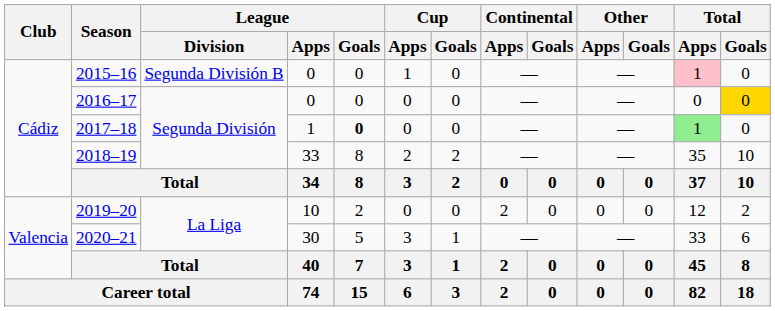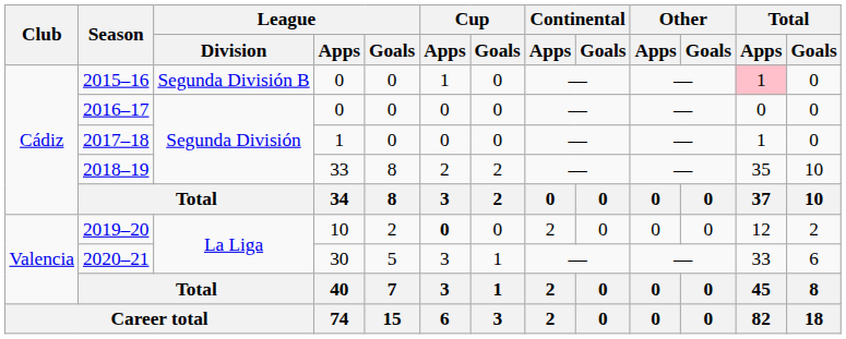 <table class="wikitable" style="text-align:center">
 <tr>
 <th rowspan="2">Club</th>
 <th rowspan="2">Season</th>
 <th colspan="3">League</th>
 <th colspan="2">Cup</th>
 <th colspan="2">Continental</th>
 <th colspan="2">Other</th>
 <th colspan="2">Total</th>
 </tr>
 <tr>
 <th>Division</th>
 <th>Apps</th>
 <th>Goals</th>
 <th>Apps</th>
 <th>Goals</th>
 <th>Apps</th>
 <th>Goals</th>
 <th>Apps</th>
 <th>Goals</th>
 <th>Apps</th>
 <th>Goals</th>
 </tr>
 <tr>
 <td rowspan="5"><a href='#'>Cádiz</a></td>
 <td><a href='#'>2015–16</a></td>
 <td><a href='#'>Segunda División B</a></td>
 <td>0</td>
 <td>0</td>
 <td>1</td>
 <td>0</td>
 <td colspan="2">—</td>
 <td colspan="2">—</td>
 <td style="background: pink;">1</td>
 <td>0</td>
 </tr>
 <tr>
 <td><a href='#'>2016–17</a></td>
 <td rowspan="3"><a href='#'>Segunda División</a></td>
 <td>0</td>
 <td>0</td>
 <td>0</td>
 <td>0</td>
 <td colspan="2">—</td>
 <td colspan="2">—</td>
 <td>0</td>
-<td style="background: gold;">0</td>
+<td>0</td>
 </tr>
 <tr>
 <td><a href='#'>2017–18</a></td>
 <td>1</td>
-<td><strong>0</strong></td>
+<td>0</td>
 <td>0</td>
 <td>0</td>
 <td colspan="2">—</td>
 <td colspan="2">—</td>
-<td style="background: lightgreen;">1</td>
+<td>1</td>
 <td>0</td>
 </tr>
 <tr>
 <td><a href='#'>2018–19</a></td>
 <td>33</td>
 <td>8</td>
 <td>2</td>
 <td>2</td>
 <td colspan="2">—</td>
 <td colspan="2">—</td>
 <td>35</td>
 <td>10</td>
 </tr>
 <tr>
 <th colspan="2">Total</th>
 <th>34</th>
 <th>8</th>
 <th>3</th>
 <th>2</th>
 <th>0</th>
 <th>0</th>
 <th>0</th>
 <th>0</th>
 <th>37</th>
 <th>10</th>
 </tr>
 <tr>
 <td rowspan="3"><a href='#'>Valencia</a></td>
 <td><a href='#'>2019–20</a></td>
 <td rowspan="2"><a href='#'>La Liga</a></td>
 <td>10</td>
 <td>2</td>
-<td>0</td>
+<td><strong>0</strong></td>
 <td>0</td>
 <td>2</td>
 <td>0</td>
 <td>0</td>
 <td>0</td>
 <td>12</td>
 <td>2</td>
 </tr>
 <tr>
 <td><a href='#'>2020–21</a></td>
 <td>30</td>
 <td>5</td>
 <td>3</td>
 <td>1</td>
 <td colspan="2">—</td>
 <td colspan="2">—</td>
 <td>33</td>
 <td>6</td>
 </tr>
 <tr>
 <th colspan="2">Total</th>
 <th>40</th>
 <th>7</th>
 <th>3</th>
 <th>1</th>
 <th>2</th>
 <th>0</th>
 <th>0</th>
 <th>0</th>
 <th>45</th>
 <th>8</th>
 </tr>
 <tr>
 <th colspan="3">Career total</th>
 <th>74</th>
 <th>15</th>
 <th>6</th>
 <th>3</th>
 <th>2</th>
 <th>0</th>
 <th>0</th>
 <th>0</th>
 <th>82</th>
 <th>18</th>
 </tr>
 </table>
